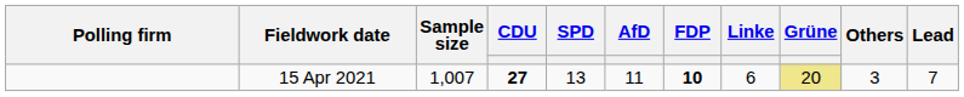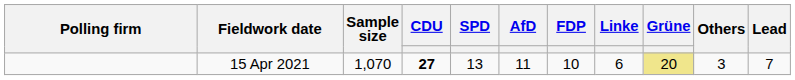 <table class="wikitable sortable mw-datatable mw-collapsible mw-datatable" style="text-align:center;font-size:90%;line-height:14px;">
 <tr style="height:40px;">
 <th style="width:180px;" rowspan="2">Polling firm</th>
 <th style="width:135px;" rowspan="2">Fieldwork date</th>
 <th style="width:35px;" rowspan="2">Sample<br>size</th>
 <th class="unsortable" style="width:40px;"><a href='#'>CDU</a></th>
 <th class="unsortable" style="width:40px;"><a href='#'>SPD</a></th>
 <th class="unsortable" style="width:40px;"><a href='#'>AfD</a></th>
 <th class="unsortable" style="width:40px;"><a href='#'>FDP</a></th>
 <th class="unsortable" style="width:40px;"><a href='#'>Linke</a></th>
 <th class="unsortable" style="width:40px;"><a href='#'>Grüne</a></th>
 <th class="unsortable" style="width:30px;" rowspan="2">Others</th>
 <th style="width:30px;" rowspan="2">Lead</th>
 </tr>
 <tr>
 <th style="background:"></th>
 <th style="background:"></th>
 <th style="background:"></th>
 <th style="background:"></th>
 <th style="background:"></th>
 <th style="background:"></th>
 </tr>
 <tr>
 <td></td>
 <td data-sort-value="2021-04-15">15 Apr 2021</td>
-<td>1,007</td>
+<td>1,070</td>
 <td><strong>27</strong></td>
 <td>13</td>
 <td>11</td>
-<td><strong>10</strong></td>
+<td>10</td>
 <td>6</td>
 <td style="background: khaki;">20</td>
 <td>3</td>
 <td style="background:">7</td>
 </tr>
 </table>
